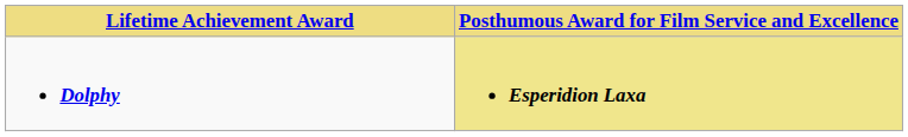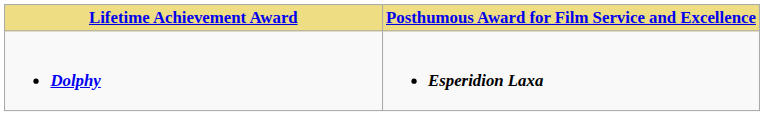 <table class=wikitable>
 <tr>
 <th style="background:#EEDD82; width:50%"><a href='#'>Lifetime Achievement Award</a></th>
 <th style="background:#EEDD82; width:50%"><a href='#'>Posthumous Award for Film Service and Excellence</a></th>
 </tr>
 <tr>
 <td valign="top"><br><ul><li><strong><em><a href='#'>Dolphy</a></em></strong></li></ul></td>
-<td valign="top" style="background: khaki;"><br><ul><li><strong><em>Esperidion Laxa</em></strong></li></ul></td>
+<td valign="top"><br><ul><li><strong><em>Esperidion Laxa</em></strong></li></ul></td>
 </tr>
 </table>
